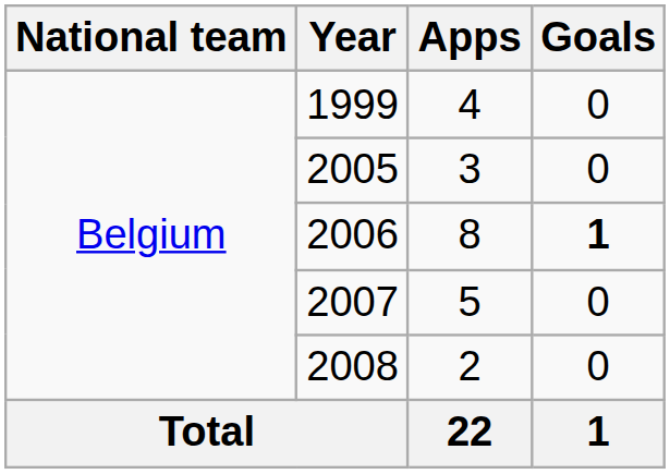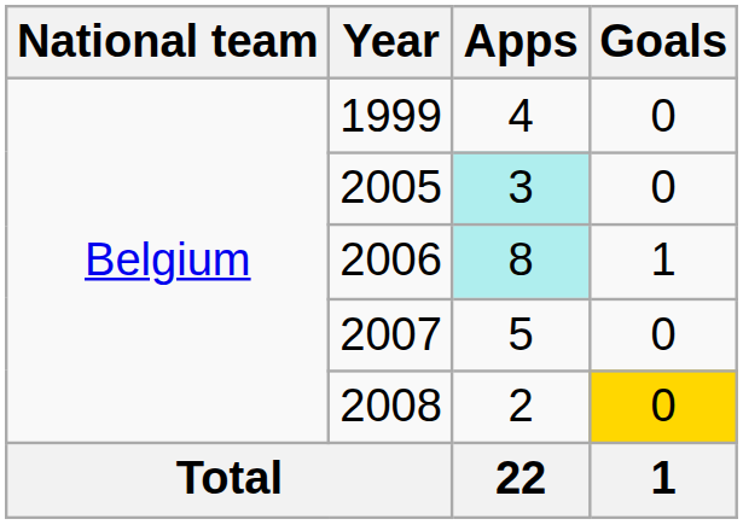 <table class="wikitable" style="text-align: center;">
 <tr>
 <th>National team</th>
 <th>Year</th>
 <th>Apps</th>
 <th>Goals</th>
 </tr>
 <tr>
 <td rowspan="5"><a href='#'>Belgium</a></td>
 <td>1999</td>
 <td>4</td>
 <td>0</td>
 </tr>
 <tr>
 <td>2005</td>
-<td>3</td>
+<td style="background: paleturquoise;">3</td>
 <td>0</td>
 </tr>
 <tr>
 <td>2006</td>
-<td>8</td>
-<td><strong>1</strong></td>
+<td style="background: paleturquoise;">8</td>
+<td>1</td>
 </tr>
 <tr>
 <td>2007</td>
 <td>5</td>
 <td>0</td>
 </tr>
 <tr>
 <td>2008</td>
 <td>2</td>
-<td>0</td>
+<td style="background: gold;">0</td>
 </tr>
 <tr>
 <th colspan="2">Total</th>
 <th>22</th>
 <th>1</th>
 </tr>
 </table>
